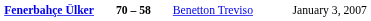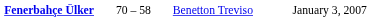 <table style="text-align:center">
 <tr>
 <th width=160></th>
 <th width=100></th>
 <th width=160></th>
 <th width=200></th>
 </tr>
 <tr>
 <td align=right><strong><a href='#'>Fenerbahçe Ülker</a></strong> </td>
-<td><strong>70 – 58</strong></td>
+<td>70 – 58</td>
 <td align=left> <a href='#'>Benetton Treviso</a></td>
 <td align=left>January 3, 2007</td>
 </tr>
 </table>
